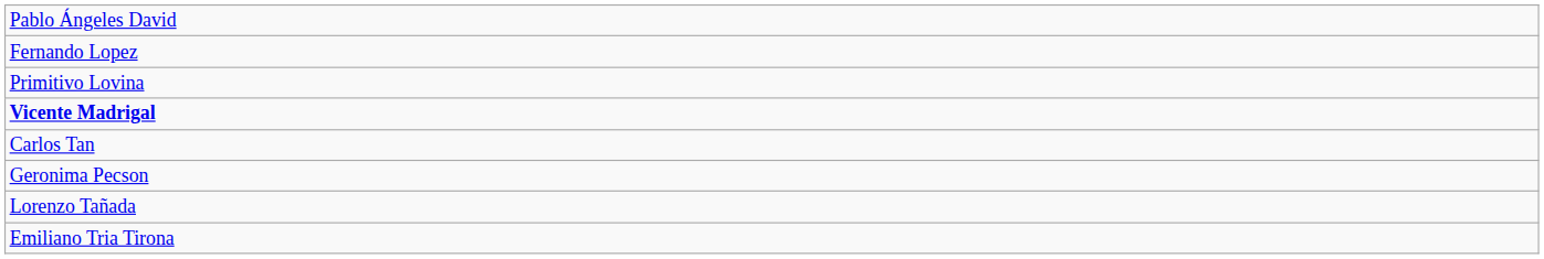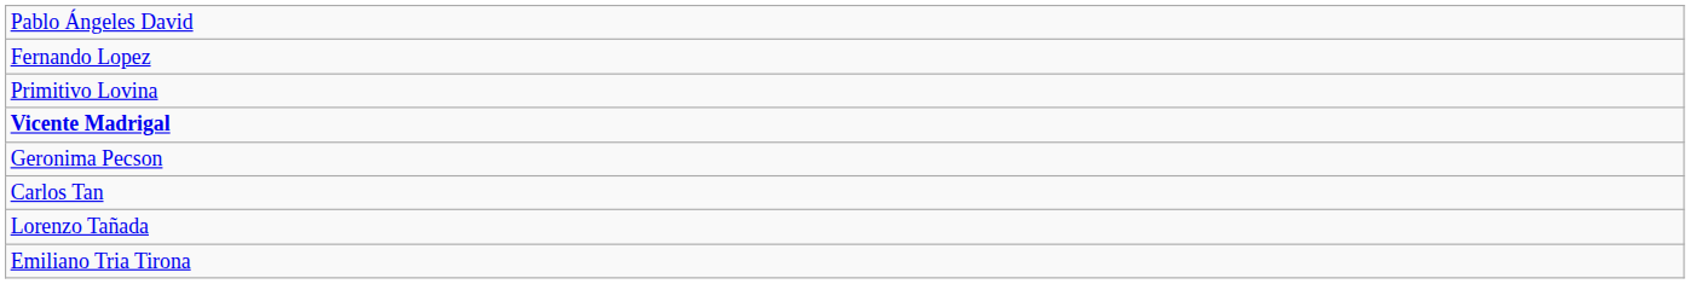 <table class="wikitable" width=99% style="font size=92%;">
 <tr>
 <td><a href='#'>Pablo Ángeles David</a></td>
 </tr>
 <tr>
 <td><a href='#'>Fernando Lopez</a></td>
 </tr>
 <tr>
 <td><a href='#'>Primitivo Lovina</a></td>
 </tr>
 <tr>
 <td><strong><a href='#'>Vicente Madrigal</a></strong></td>
 </tr>
 <tr>
-<td><a href='#'>Carlos Tan</a></td>
+<td><a href='#'>Geronima Pecson</a></td>
 </tr>
 <tr>
-<td><a href='#'>Geronima Pecson</a></td>
+<td><a href='#'>Carlos Tan</a></td>
 </tr>
 <tr>
 <td><a href='#'>Lorenzo Tañada</a></td>
 </tr>
 <tr>
 <td><a href='#'>Emiliano Tria Tirona</a></td>
 </tr>
 </table>
